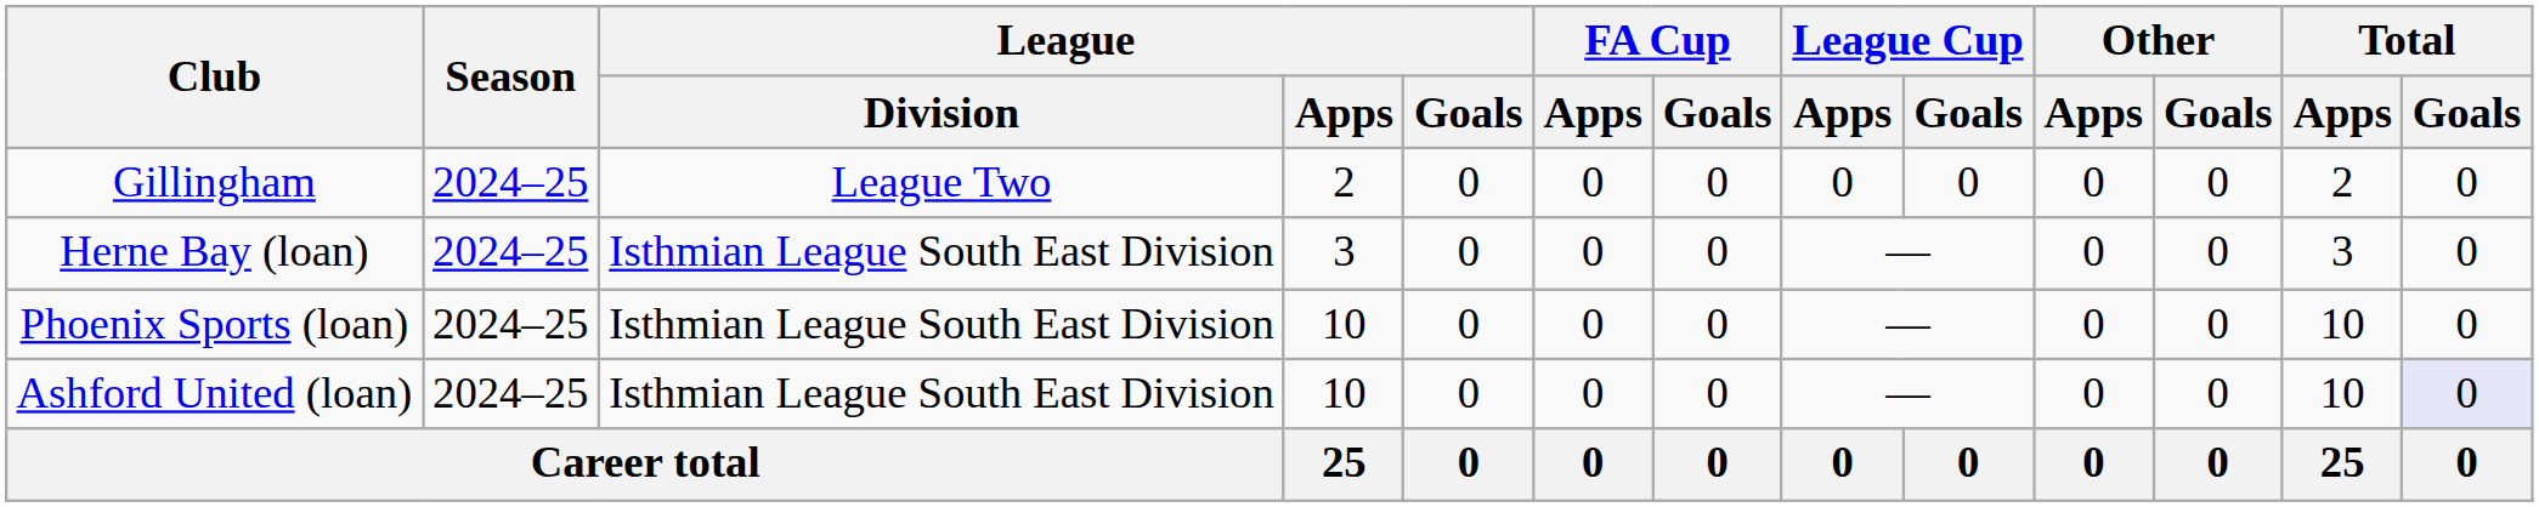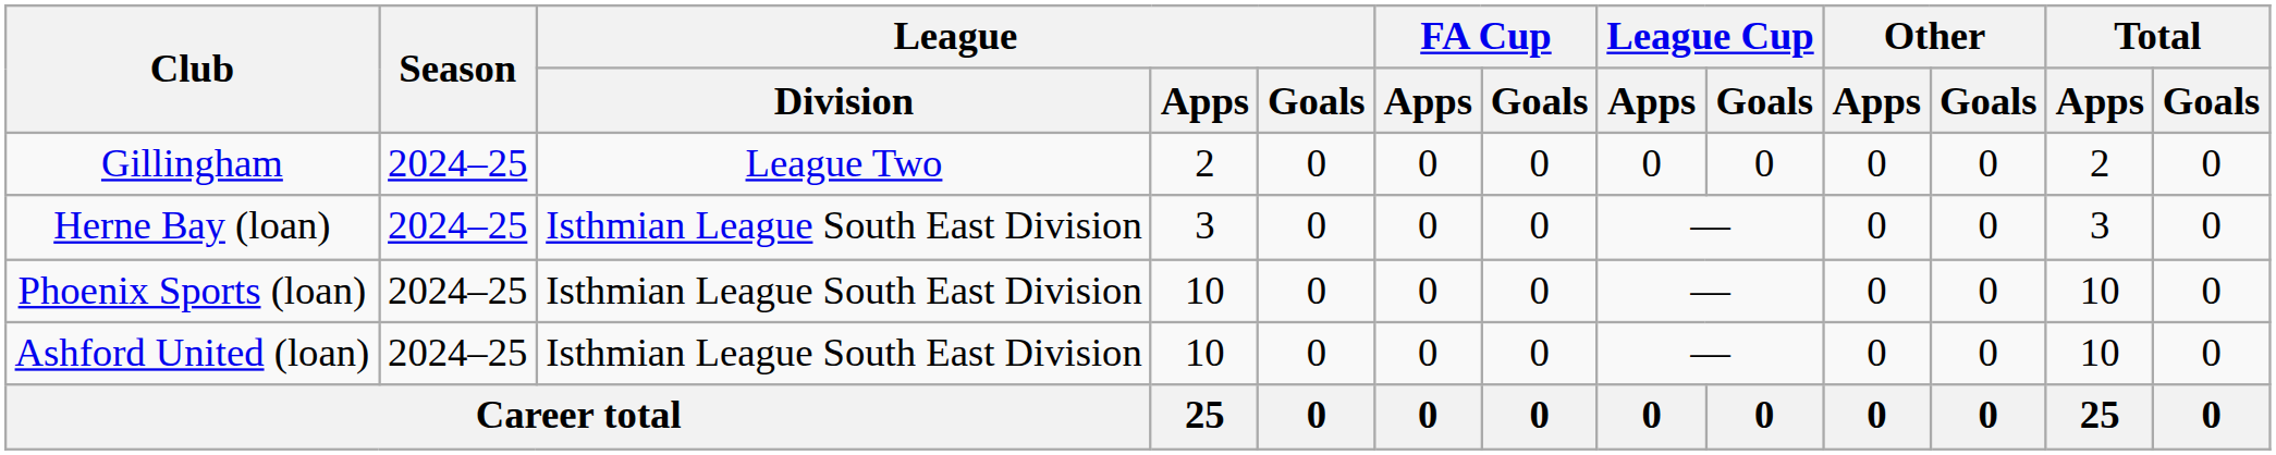 <table class="wikitable" style="text-align: center">
 <tr>
 <th rowspan="2">Club</th>
 <th rowspan="2">Season</th>
 <th colspan="3">League</th>
 <th colspan="2"><a href='#'>FA Cup</a></th>
 <th colspan="2"><a href='#'>League Cup</a></th>
 <th colspan="2">Other</th>
 <th colspan="2">Total</th>
 </tr>
 <tr>
 <th>Division</th>
 <th>Apps</th>
 <th>Goals</th>
 <th>Apps</th>
 <th>Goals</th>
 <th>Apps</th>
 <th>Goals</th>
 <th>Apps</th>
 <th>Goals</th>
 <th>Apps</th>
 <th>Goals</th>
 </tr>
 <tr>
 <td><a href='#'>Gillingham</a></td>
 <td><a href='#'>2024–25</a></td>
 <td><a href='#'>League Two</a></td>
 <td>2</td>
 <td>0</td>
 <td>0</td>
 <td>0</td>
 <td>0</td>
 <td>0</td>
 <td>0</td>
 <td>0</td>
 <td>2</td>
 <td>0</td>
 </tr>
 <tr>
 <td><a href='#'>Herne Bay</a> (loan)</td>
 <td><a href='#'>2024–25</a></td>
 <td><a href='#'>Isthmian League</a> South East Division</td>
 <td>3</td>
 <td>0</td>
 <td>0</td>
 <td>0</td>
 <td colspan="2">—</td>
 <td>0</td>
 <td>0</td>
 <td>3</td>
 <td>0</td>
 </tr>
 <tr>
 <td><a href='#'>Phoenix Sports</a> (loan)</td>
 <td>2024–25</td>
 <td>Isthmian League South East Division</td>
 <td>10</td>
 <td>0</td>
 <td>0</td>
 <td>0</td>
 <td colspan="2">—</td>
 <td>0</td>
 <td>0</td>
 <td>10</td>
 <td>0</td>
 </tr>
 <tr>
 <td><a href='#'>Ashford United</a> (loan)</td>
 <td>2024–25</td>
 <td>Isthmian League South East Division</td>
 <td>10</td>
 <td>0</td>
 <td>0</td>
 <td>0</td>
 <td colspan="2">—</td>
 <td>0</td>
 <td>0</td>
 <td>10</td>
-<td style="background: lavender;">0</td>
+<td>0</td>
 </tr>
 <tr>
 <th colspan="3">Career total</th>
 <th>25</th>
 <th>0</th>
 <th>0</th>
 <th>0</th>
 <th>0</th>
 <th>0</th>
 <th>0</th>
 <th>0</th>
 <th>25</th>
 <th>0</th>
 </tr>
 </table>
